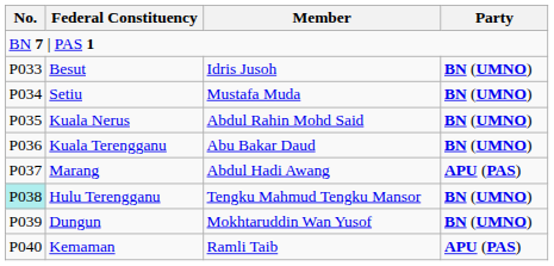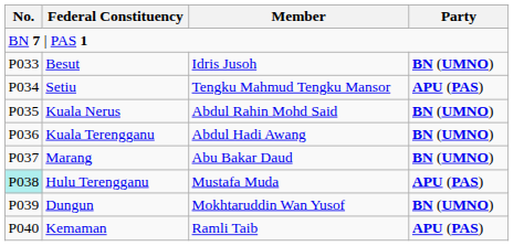 <table class="wikitable sortable">
 <tr>
 <th style="width:30px;">No.</th>
 <th style="width:150px;">Federal Constituency</th>
 <th style="width:230px;">Member</th>
 <th style="width:100px;">Party</th>
 </tr>
 <tr>
 <td colspan="4"><a href='#'>BN</a> <strong>7</strong> | <a href='#'>PAS</a> <strong>1</strong></td>
 </tr>
 <tr>
 <td>P033</td>
 <td><a href='#'>Besut</a></td>
 <td><a href='#'>Idris Jusoh</a></td>
 <td><strong><a href='#'>BN</a></strong> (<strong><a href='#'>UMNO</a></strong>)</td>
 </tr>
 <tr>
 <td>P034</td>
 <td><a href='#'>Setiu</a></td>
-<td><a href='#'>Mustafa Muda</a></td>
-<td><strong><a href='#'>BN</a></strong> (<strong><a href='#'>UMNO</a></strong>)</td>
+<td><a href='#'>Tengku Mahmud Tengku Mansor</a></td>
+<td><strong><a href='#'>APU</a></strong> (<strong><a href='#'>PAS</a></strong>)</td>
 </tr>
 <tr>
 <td>P035</td>
 <td><a href='#'>Kuala Nerus</a></td>
 <td><a href='#'>Abdul Rahin Mohd Said</a></td>
 <td><strong><a href='#'>BN</a></strong> (<strong><a href='#'>UMNO</a></strong>)</td>
 </tr>
 <tr>
 <td>P036</td>
 <td><a href='#'>Kuala Terengganu</a></td>
-<td><a href='#'>Abu Bakar Daud</a></td>
+<td><a href='#'>Abdul Hadi Awang</a></td>
 <td><strong><a href='#'>BN</a></strong> (<strong><a href='#'>UMNO</a></strong>)</td>
 </tr>
 <tr>
 <td>P037</td>
 <td><a href='#'>Marang</a></td>
-<td><a href='#'>Abdul Hadi Awang</a></td>
-<td><strong><a href='#'>APU</a></strong> (<strong><a href='#'>PAS</a></strong>)</td>
+<td><a href='#'>Abu Bakar Daud</a></td>
+<td><strong><a href='#'>BN</a></strong> (<strong><a href='#'>UMNO</a></strong>)</td>
 </tr>
 <tr>
 <td style="background: paleturquoise;">P038</td>
 <td><a href='#'>Hulu Terengganu</a></td>
-<td><a href='#'>Tengku Mahmud Tengku Mansor</a></td>
-<td><strong><a href='#'>BN</a></strong> (<strong><a href='#'>UMNO</a></strong>)</td>
+<td><a href='#'>Mustafa Muda</a></td>
+<td><strong><a href='#'>APU</a></strong> (<strong><a href='#'>PAS</a></strong>)</td>
 </tr>
 <tr>
 <td>P039</td>
 <td><a href='#'>Dungun</a></td>
 <td><a href='#'>Mokhtaruddin Wan Yusof</a></td>
 <td><strong><a href='#'>BN</a></strong> (<strong><a href='#'>UMNO</a></strong>)</td>
 </tr>
 <tr>
 <td>P040</td>
 <td><a href='#'>Kemaman</a></td>
 <td><a href='#'>Ramli Taib</a></td>
 <td><strong><a href='#'>APU</a></strong> (<strong><a href='#'>PAS</a></strong>)</td>
 </tr>
 </table>
